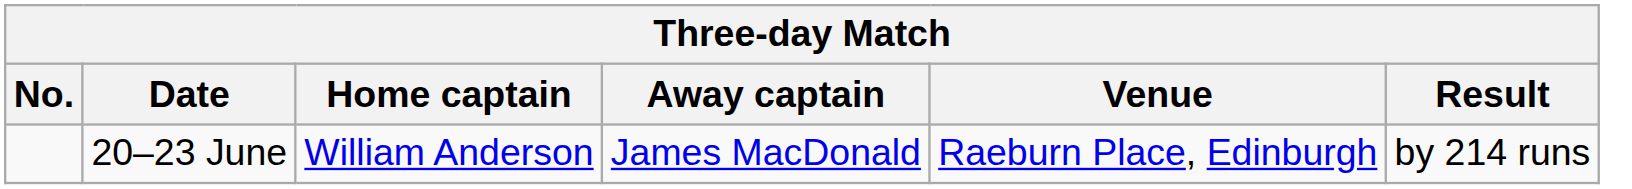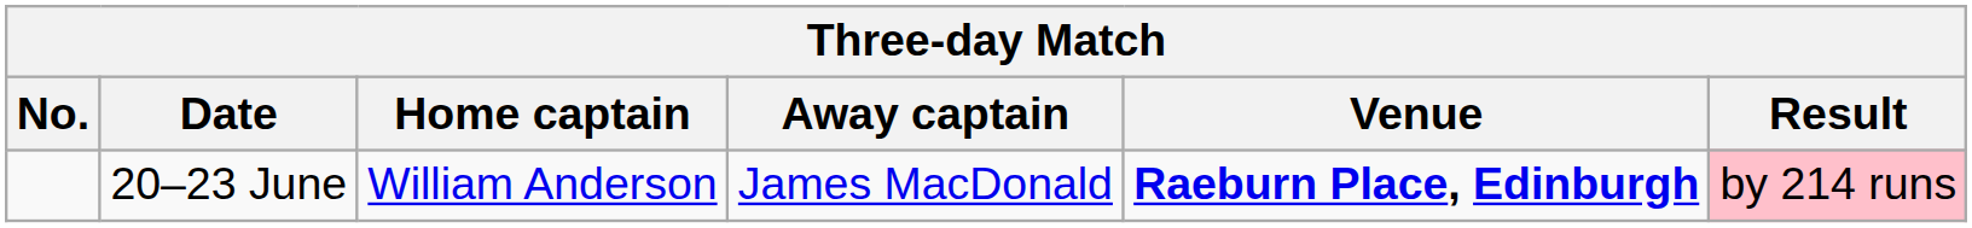 <table class="wikitable">
 <tr>
 <th colspan="9">Three-day Match</th>
 </tr>
 <tr>
 <th>No.</th>
 <th>Date</th>
 <th>Home captain</th>
 <th>Away captain</th>
 <th>Venue</th>
 <th>Result</th>
 </tr>
 <tr>
 <td></td>
 <td>20–23 June</td>
 <td><a href='#'>William Anderson</a></td>
 <td><a href='#'>James MacDonald</a></td>
-<td><a href='#'>Raeburn Place</a>, <a href='#'>Edinburgh</a></td>
-<td> by 214 runs</td>
+<td><strong><a href='#'>Raeburn Place</a>, <a href='#'>Edinburgh</a></strong></td>
+<td style="background: pink;"> by 214 runs</td>
 </tr>
 </table>
